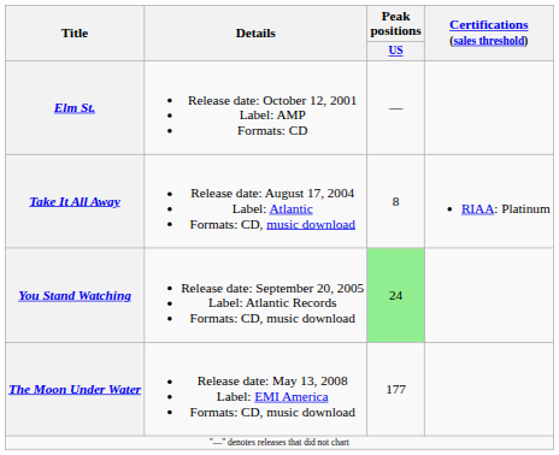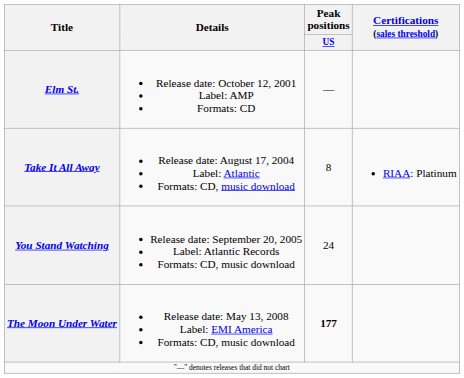 <table class="wikitable plainrowheaders" style="text-align:center;">
 <tr>
 <th scope="col" rowspan="2">Title</th>
 <th scope="col" rowspan="2">Details</th>
 <th scope="col">Peak positions</th>
 <th scope="col" rowspan="2"><a href='#'>Certifications</a><br><small>(<a href='#'>sales threshold</a>)</small></th>
 </tr>
 <tr style="font-size:smaller;">
 <th style="width:50px;"><a href='#'>US</a><br></th>
 </tr>
 <tr>
 <th scope="row"><em><a href='#'>Elm St.</a></em></th>
 <td><br><ul><li>Release date: October 12, 2001</li><li>Label: AMP</li><li>Formats: CD</li></ul></td>
 <td>—</td>
 <td></td>
 </tr>
 <tr>
 <th scope="row"><em><a href='#'>Take It All Away</a></em></th>
 <td><br><ul><li>Release date: August 17, 2004</li><li>Label: <a href='#'>Atlantic</a></li><li>Formats: CD, <a href='#'>music download</a></li></ul></td>
 <td>8</td>
 <td style="text-align:left;"><br><ul><li><a href='#'>RIAA</a>: Platinum</li></ul></td>
 </tr>
 <tr>
 <th scope="row"><em><a href='#'>You Stand Watching</a></em></th>
 <td><br><ul><li>Release date: September 20, 2005</li><li>Label: Atlantic Records</li><li>Formats: CD, music download</li></ul></td>
-<td style="background: lightgreen;">24</td>
+<td>24</td>
 <td style="text-align:left;"></td>
 </tr>
 <tr>
 <th scope="row"><em><a href='#'>The Moon Under Water</a></em></th>
 <td><br><ul><li>Release date: May 13, 2008</li><li>Label: <a href='#'>EMI America</a></li><li>Formats: CD, music download</li></ul></td>
-<td>177</td>
+<td><strong>177</strong></td>
 <td></td>
 </tr>
 <tr>
 <td colspan="10" style="font-size:8pt">"—" denotes releases that did not chart</td>
 </tr>
 </table>
